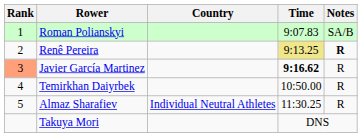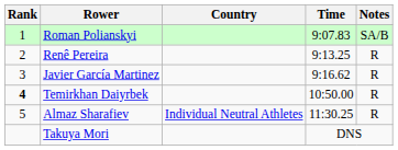 <table class="wikitable" style="text-align:center">
 <tr>
 <th>Rank</th>
 <th>Rower</th>
 <th>Country</th>
 <th>Time</th>
 <th>Notes</th>
 </tr>
 <tr bgcolor=ccffcc>
 <td>1</td>
 <td align="left"><a href='#'>Roman Polianskyi</a></td>
 <td align="left"></td>
 <td>9:07.83</td>
 <td>SA/B</td>
 </tr>
 <tr>
 <td>2</td>
 <td align="left"><a href='#'>Renê Pereira</a></td>
 <td align="left"></td>
-<td style="background: khaki;">9:13.25</td>
-<td><strong>R</strong></td>
-</tr>
-<tr>
-<td style="background: lightsalmon;">3</td>
-<td align="left"><a href='#'>Javier García Martinez</a></td>
-<td align="left"></td>
-<td><strong>9:16.62</strong></td>
+<td>9:13.25</td>
 <td>R</td>
 </tr>
 <tr>
-<td>4</td>
+<td>3</td>
+<td align="left"><a href='#'>Javier García Martinez</a></td>
+<td align="left"></td>
+<td>9:16.62</td>
+<td>R</td>
+</tr>
+<tr>
+<td><strong>4</strong></td>
 <td align="left"><a href='#'>Temirkhan Daiyrbek</a></td>
 <td align="left"></td>
 <td>10:50.00</td>
 <td>R</td>
 </tr>
 <tr>
 <td>5</td>
 <td align="left"><a href='#'>Almaz Sharafiev</a></td>
 <td align="left"><a href='#'>Individual Neutral Athletes</a></td>
 <td>11:30.25</td>
 <td>R</td>
 </tr>
 <tr>
 <td></td>
 <td align="left"><a href='#'>Takuya Mori</a></td>
 <td align="left"></td>
 <td colspan=2>DNS</td>
 </tr>
 </table>
